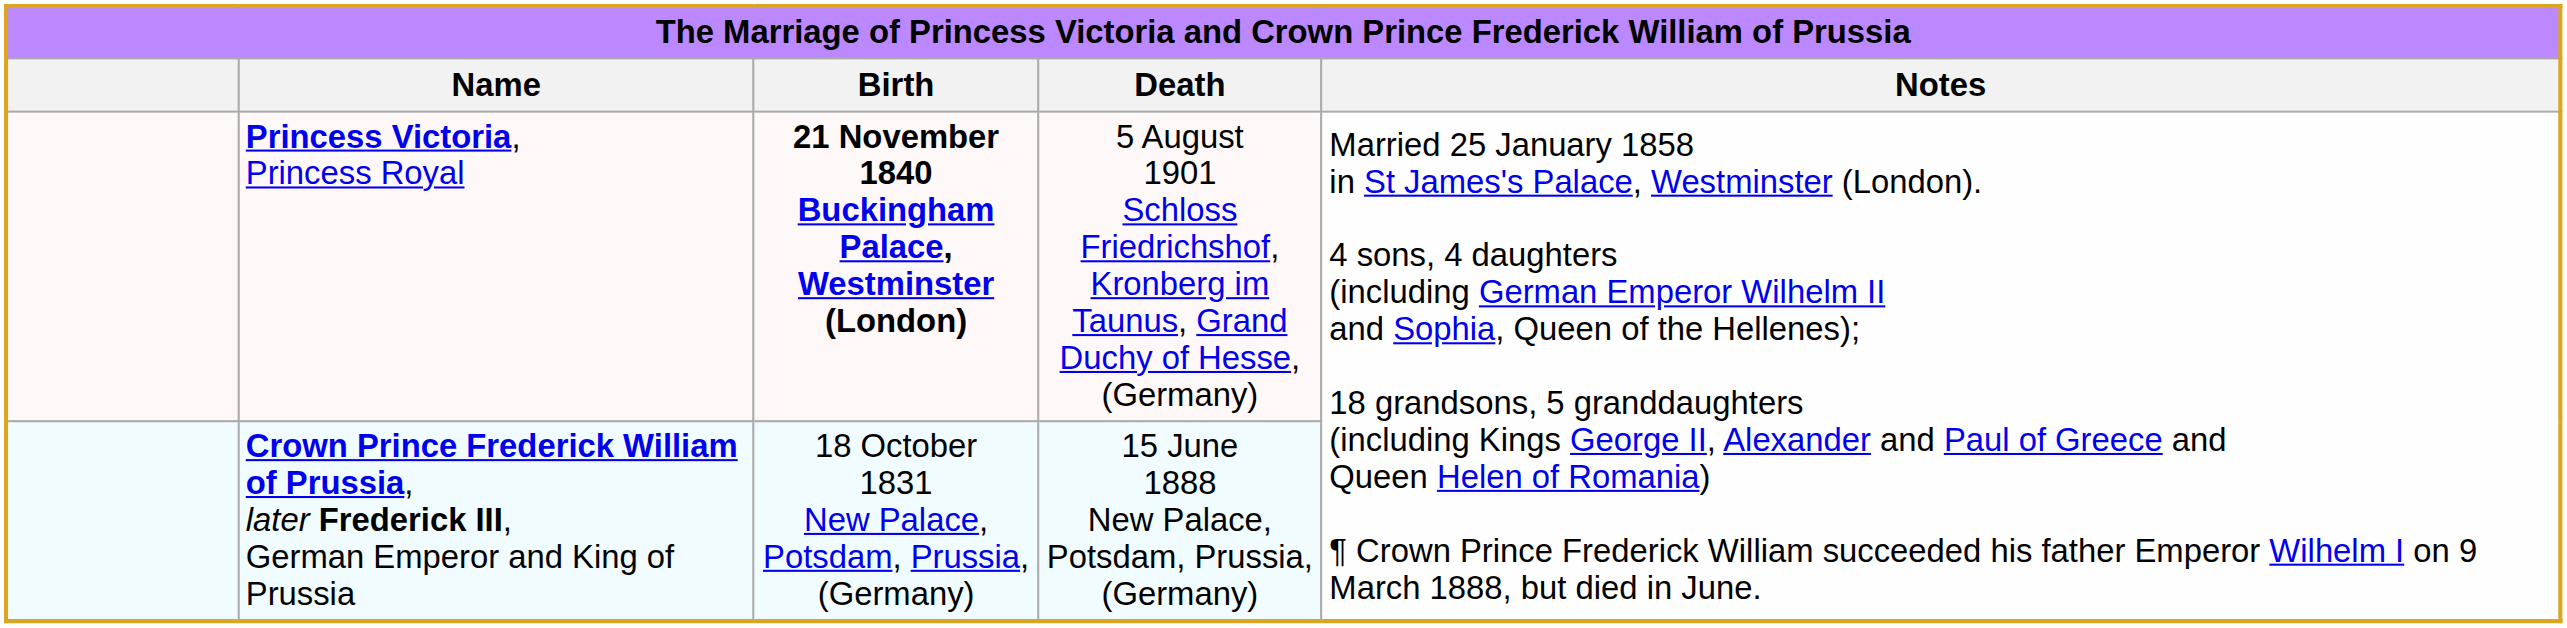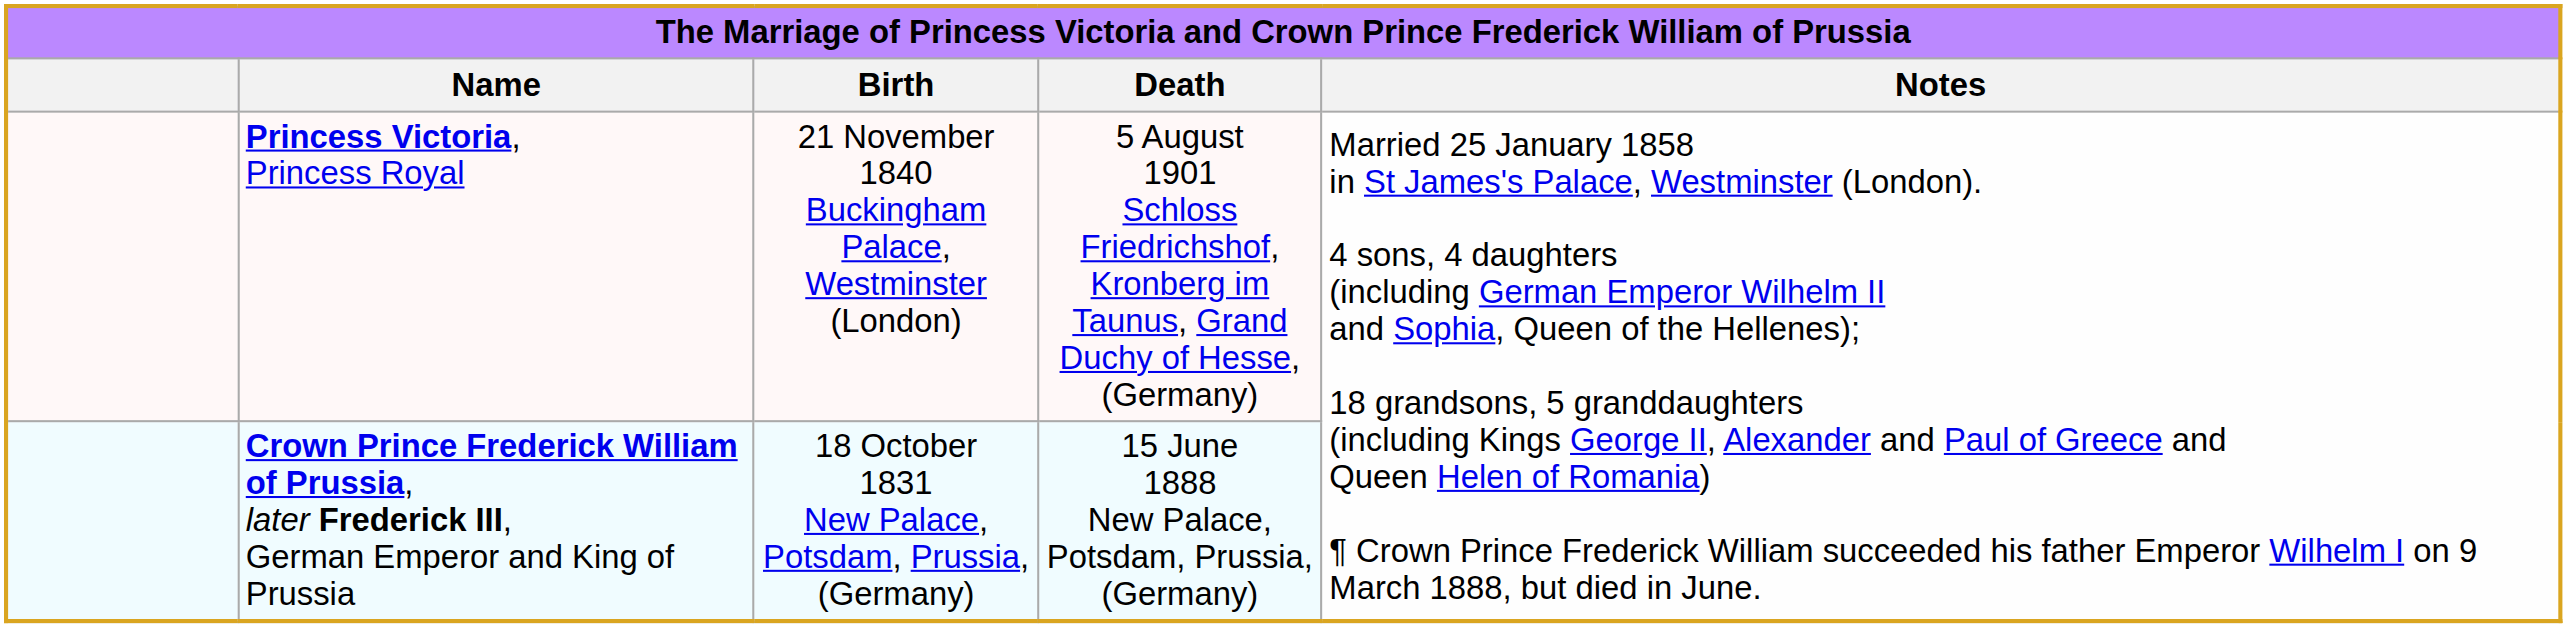 <table class="wikitable" style="border:2px solid goldenrod;">
 <tr>
 <td style="background:#bb88ff; text-align:center;" colspan="5"><strong>The Marriage of Princess Victoria and Crown Prince Frederick William of Prussia</strong></td>
 </tr>
 <tr bgcolor=lavender>
 <th width="9%"></th>
 <th width="20%">Name</th>
 <th width="11%">Birth</th>
 <th width="11%">Death</th>
 <th width="48%">Notes</th>
 </tr>
 <tr bgcolor=fff8f8 valign="top">
 <td align=center></td>
 <td><strong><a href='#'>Princess Victoria</a></strong>, <br> <a href='#'>Princess Royal</a></td>
-<td align=center><strong>21 November<br>1840<br><a href='#'>Buckingham Palace</a>,<br> <a href='#'>Westminster</a> (London)</strong></td>
+<td align=center>21 November<br>1840<br><a href='#'>Buckingham Palace</a>,<br> <a href='#'>Westminster</a> (London)</td>
 <td align=center>5 August<br>1901<br><a href='#'>Schloss Friedrichshof</a>, <a href='#'>Kronberg im Taunus</a>, <a href='#'>Grand Duchy of Hesse</a>, (Germany)</td>
 <td bgcolor=fefefe rowspan="2" valign="middle">Married 25 January 1858<br>in <a href='#'>St James's Palace</a>, <a href='#'>Westminster</a> (London).<br><br> 4 sons, 4 daughters <br>(including <a href='#'>German Emperor Wilhelm II</a><br> and <a href='#'>Sophia</a>, Queen of the Hellenes);<br><br>18 grandsons, 5 granddaughters <br> (including Kings <a href='#'>George II</a>, <a href='#'>Alexander</a> and <a href='#'>Paul of Greece</a> and<br> Queen <a href='#'>Helen of Romania</a>)<br><br>¶ Crown Prince Frederick William succeeded his father Emperor <a href='#'>Wilhelm I</a> on 9 March 1888, but died in June.</td>
 </tr>
 <tr bgcolor=f0fcff valign="top">
 <td align=center></td>
 <td><a href='#'><strong>Crown Prince Frederick William of Prussia</strong></a>,<br><em>later</em> <strong>Frederick III</strong>,<br> German Emperor and King of Prussia</td>
 <td align=center>18 October<br>1831<br><a href='#'>New Palace</a>, <a href='#'>Potsdam</a>, <a href='#'>Prussia</a>, (Germany)</td>
 <td align=center>15 June<br>1888<br> New Palace, Potsdam, Prussia, (Germany)</td>
 </tr>
 <tr>
 </tr>
 </table>
